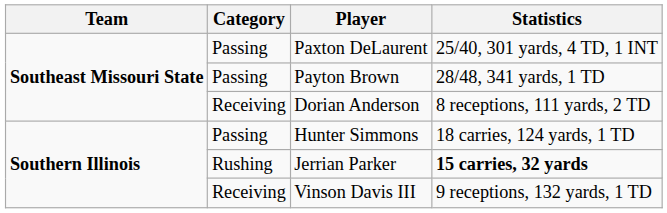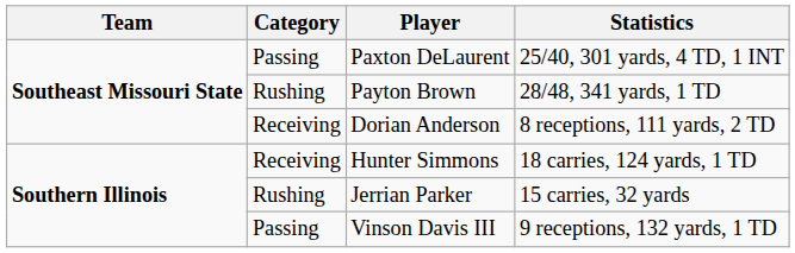 <table class="wikitable" style="float: right;">
 <tr>
 <th>Team</th>
 <th>Category</th>
 <th>Player</th>
 <th>Statistics</th>
 </tr>
 <tr>
 <td rowspan=3><strong>Southeast Missouri State</strong></td>
 <td>Passing</td>
 <td>Paxton DeLaurent</td>
 <td>25/40, 301 yards, 4 TD, 1 INT</td>
 </tr>
 <tr>
-<td>Passing</td>
+<td>Rushing</td>
 <td>Payton Brown</td>
 <td>28/48, 341 yards, 1 TD</td>
 </tr>
 <tr>
 <td>Receiving</td>
 <td>Dorian Anderson</td>
 <td>8 receptions, 111 yards, 2 TD</td>
 </tr>
 <tr>
 <td rowspan=3><strong>Southern Illinois</strong></td>
-<td>Passing</td>
+<td>Receiving</td>
 <td>Hunter Simmons</td>
 <td>18 carries, 124 yards, 1 TD</td>
 </tr>
 <tr>
 <td>Rushing</td>
 <td>Jerrian Parker</td>
-<td><strong>15 carries, 32 yards</strong></td>
+<td>15 carries, 32 yards</td>
 </tr>
 <tr>
-<td>Receiving</td>
+<td>Passing</td>
 <td>Vinson Davis III</td>
 <td>9 receptions, 132 yards, 1 TD</td>
 </tr>
 </table>
